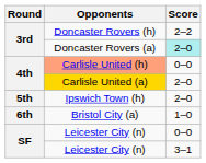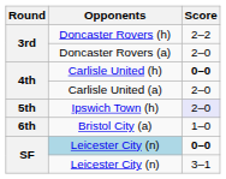 <table class="wikitable plainrowheaders" style="text-align:center;margin-left:1em;float:right">
 <tr>
 <th scope="col" style="width:25px">Round</th>
 <th scope="col" style="width:175px">Opponents</th>
 <th scope="col" style="width:25px">Score</th>
 </tr>
 <tr>
 <th scope=row rowspan=2 style="text-align:center">3rd</th>
 <td><a href='#'>Doncaster Rovers</a> (h)</td>
 <td>2–2</td>
 </tr>
 <tr>
 <td>Doncaster Rovers (a)</td>
-<td style="background: paleturquoise;">2–0</td>
+<td>2–0</td>
 </tr>
 <tr>
 <th scope=row rowspan=2 style="text-align:center">4th</th>
-<td style="background: lightsalmon;"><a href='#'>Carlisle United</a> (h)</td>
-<td>0–0</td>
+<td><a href='#'>Carlisle United</a> (h)</td>
+<td><strong>0–0</strong></td>
 </tr>
 <tr>
-<td style="background: gold;">Carlisle United (a)</td>
+<td>Carlisle United (a)</td>
 <td>2–0</td>
 </tr>
 <tr>
 <th scope=row style="text-align:center">5th</th>
 <td><a href='#'>Ipswich Town</a> (h)</td>
-<td>2–0</td>
+<td style="background: lavender;">2–0</td>
 </tr>
 <tr>
 <th scope=row style="text-align:center">6th</th>
 <td><a href='#'>Bristol City</a> (a)</td>
 <td>1–0</td>
 </tr>
 <tr>
 <th scope=row rowspan=2 style="text-align:center">SF</th>
-<td><a href='#'>Leicester City</a> (n)</td>
-<td>0–0</td>
+<td style="background: lightblue;"><a href='#'>Leicester City</a> (n)</td>
+<td><strong>0–0</strong></td>
 </tr>
 <tr>
 <td><a href='#'>Leicester City</a> (n)</td>
 <td>3–1</td>
 </tr>
 </table>
